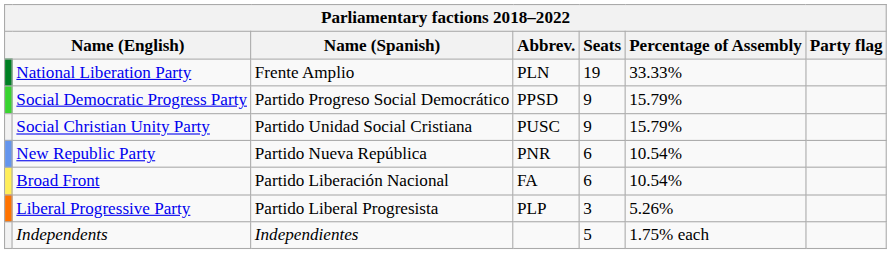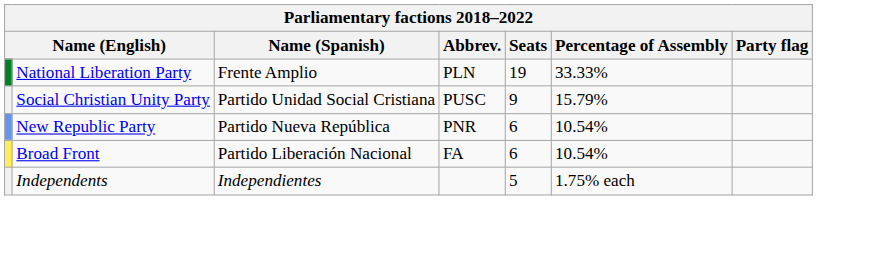 <table border="1" class="wikitable sortable collapsible">
 <tr>
 <th colspan="7">Parliamentary factions 2018–2022 </th>
 </tr>
 <tr>
 <th colspan="2" scope="col">Name (English)</th>
 <th scope="col">Name (Spanish)</th>
 <th scope="col">Abbrev.</th>
 <th scope="col">Seats</th>
 <th scope="col">Percentage of Assembly</th>
 <th scope="col">Party flag</th>
 </tr>
 <tr>
 <th style="background:#008024"></th>
 <td><a href='#'>National Liberation Party</a></td>
 <td>Frente Amplio</td>
 <td>PLN</td>
 <td>19</td>
 <td>33.33%</td>
-<td></td>
-</tr>
-<tr>
-<th style="background:#39d430"></th>
-<td><a href='#'>Social Democratic Progress Party</a></td>
-<td>Partido Progreso Social Democrático</td>
-<td>PPSD</td>
-<td>9</td>
-<td>15.79%</td>
 <td></td>
 </tr>
 <tr>
 <th style="background:"></th>
 <td><a href='#'>Social Christian Unity Party</a></td>
 <td>Partido Unidad Social Cristiana</td>
 <td>PUSC</td>
 <td>9</td>
 <td>15.79%</td>
 <td></td>
 </tr>
 <tr>
 <th style="background:#6495ed"></th>
 <td><a href='#'>New Republic Party</a></td>
 <td>Partido Nueva República</td>
 <td>PNR</td>
 <td>6</td>
 <td>10.54%</td>
 <td></td>
 </tr>
 <tr>
 <th style="background:#ffee59"></th>
 <td><a href='#'>Broad Front</a></td>
 <td>Partido Liberación Nacional</td>
 <td>FA</td>
 <td>6</td>
 <td>10.54%</td>
 <td></td>
 </tr>
 <tr>
-<th style="background:#ff7300"></th>
-<td><a href='#'>Liberal Progressive Party</a></td>
-<td>Partido Liberal Progresista</td>
-<td>PLP</td>
-<td>3</td>
-<td>5.26%</td>
-<td></td>
-</tr>
-<tr>
 <th></th>
 <td><em>Independents</em></td>
 <td><em>Independientes</em></td>
 <td></td>
 <td>5</td>
 <td>1.75% each</td>
 <td></td>
 </tr>
 </table>
